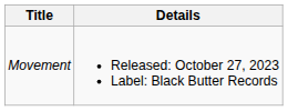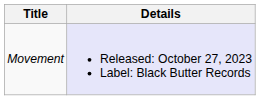 <table class="wikitable">
 <tr>
 <th rowspan="1">Title</th>
 <th rowspan="1">Details</th>
 </tr>
 <tr>
 <td><em>Movement</em></td>
-<td><br><ul><li>Released: October 27, 2023</li><li>Label: Black Butter Records</li></ul></td>
+<td style="background: lavender;"><br><ul><li>Released: October 27, 2023</li><li>Label: Black Butter Records</li></ul></td>
 </tr>
 </table>
